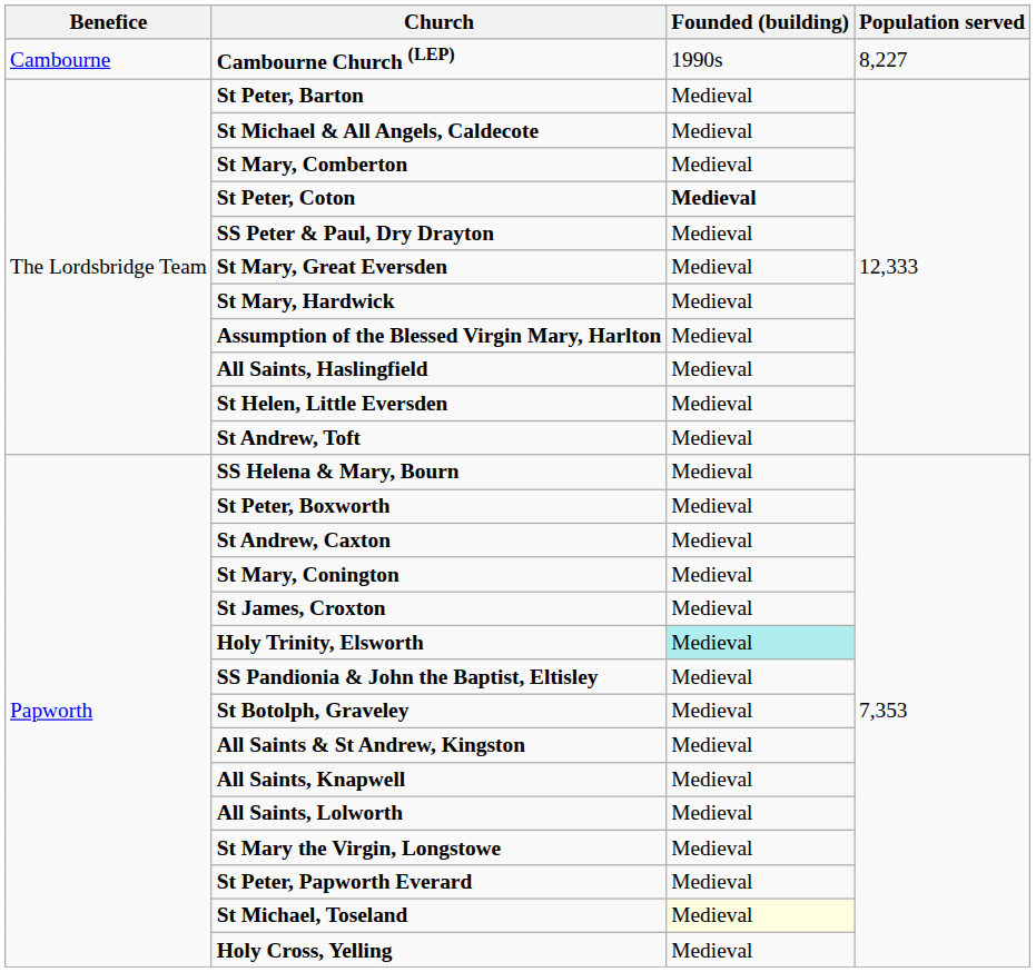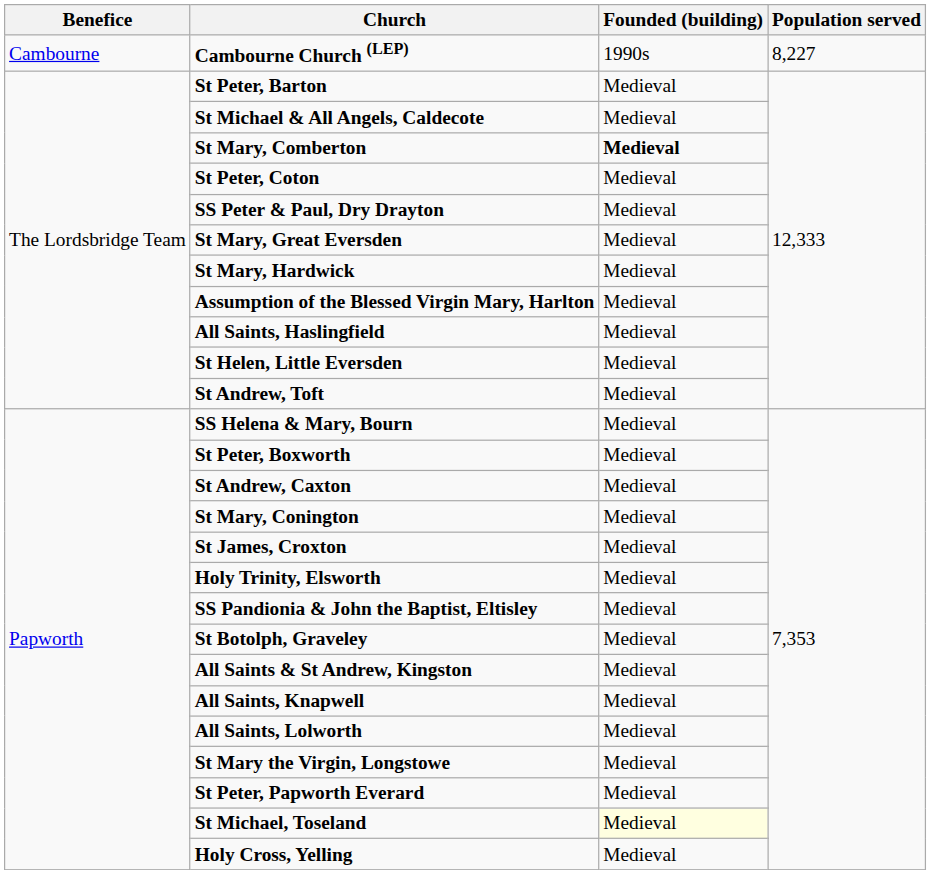 <table class="wikitable">
 <tr>
 <th>Benefice</th>
 <th>Church</th>
 <th>Founded (building)</th>
 <th>Population served<strong></strong></th>
 </tr>
 <tr>
 <td><a href='#'>Cambourne</a></td>
 <td><strong>Cambourne Church <sup>(LEP)</sup></strong></td>
 <td>1990s</td>
 <td>8,227</td>
 </tr>
 <tr>
 <td rowspan="11">The Lordsbridge Team</td>
 <td><strong>St Peter, Barton</strong></td>
 <td>Medieval</td>
 <td rowspan="11">12,333</td>
 </tr>
 <tr>
 <td><strong>St Michael & All Angels, Caldecote</strong></td>
 <td>Medieval</td>
 </tr>
 <tr>
 <td><strong>St Mary, Comberton</strong></td>
-<td>Medieval</td>
+<td><strong>Medieval</strong></td>
 </tr>
 <tr>
 <td><strong>St Peter, Coton</strong></td>
-<td><strong>Medieval</strong></td>
+<td>Medieval</td>
 </tr>
 <tr>
 <td><strong>SS Peter & Paul, Dry Drayton</strong></td>
 <td>Medieval</td>
 </tr>
 <tr>
 <td><strong>St Mary, Great Eversden</strong></td>
 <td>Medieval</td>
 </tr>
 <tr>
 <td><strong>St Mary, Hardwick</strong></td>
 <td>Medieval</td>
 </tr>
 <tr>
 <td><strong>Assumption of the Blessed Virgin Mary, Harlton</strong></td>
 <td>Medieval</td>
 </tr>
 <tr>
 <td><strong>All Saints, Haslingfield</strong></td>
 <td>Medieval</td>
 </tr>
 <tr>
 <td><strong>St Helen, Little Eversden</strong></td>
 <td>Medieval</td>
 </tr>
 <tr>
 <td><strong>St Andrew, Toft</strong></td>
 <td>Medieval</td>
 </tr>
 <tr>
 <td rowspan="15"><a href='#'>Papworth</a></td>
 <td><strong>SS Helena & Mary, Bourn</strong></td>
 <td>Medieval</td>
 <td rowspan="15">7,353</td>
 </tr>
 <tr>
 <td><strong>St Peter, Boxworth</strong></td>
 <td>Medieval</td>
 </tr>
 <tr>
 <td><strong>St Andrew, Caxton</strong></td>
 <td>Medieval</td>
 </tr>
 <tr>
 <td><strong>St Mary, Conington</strong></td>
 <td>Medieval</td>
 </tr>
 <tr>
 <td><strong>St James, Croxton</strong></td>
 <td>Medieval</td>
 </tr>
 <tr>
 <td><strong>Holy Trinity, Elsworth</strong></td>
-<td style="background: paleturquoise;">Medieval</td>
+<td>Medieval</td>
 </tr>
 <tr>
 <td><strong>SS Pandionia & John the Baptist, Eltisley</strong></td>
 <td>Medieval</td>
 </tr>
 <tr>
 <td><strong>St Botolph, Graveley</strong></td>
 <td>Medieval</td>
 </tr>
 <tr>
 <td><strong>All Saints & St Andrew, Kingston</strong></td>
 <td>Medieval</td>
 </tr>
 <tr>
 <td><strong>All Saints, Knapwell</strong></td>
 <td>Medieval</td>
 </tr>
 <tr>
 <td><strong>All Saints, Lolworth</strong></td>
 <td>Medieval</td>
 </tr>
 <tr>
 <td><strong>St Mary the Virgin, Longstowe</strong></td>
 <td>Medieval</td>
 </tr>
 <tr>
 <td><strong>St Peter, Papworth Everard</strong></td>
 <td>Medieval</td>
 </tr>
 <tr>
 <td><strong>St Michael, Toseland</strong></td>
 <td style="background: lightyellow;">Medieval</td>
 </tr>
 <tr>
 <td><strong>Holy Cross, Yelling</strong></td>
 <td>Medieval</td>
 </tr>
 </table>
